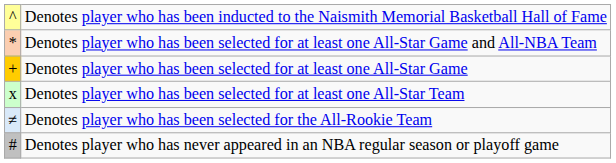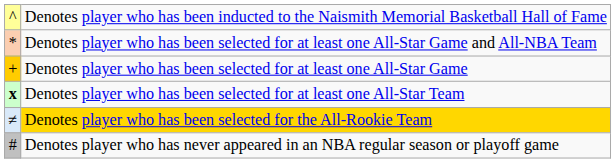 <table class="wikitable" style="font-size:100%">
 <tr>
 <td align=center bgcolor="FFFF99">^</td>
 <td>Denotes <a href='#'>player who has been inducted to the Naismith Memorial Basketball Hall of Fame</a></td>
 </tr>
 <tr>
 <td align=center bgcolor="FBCEB1">*</td>
 <td>Denotes <a href='#'>player who has been selected for at least one All-Star Game</a> and <a href='#'>All-NBA Team</a></td>
 </tr>
 <tr>
 <td align=center bgcolor="FFCC00">+</td>
 <td>Denotes <a href='#'>player who has been selected for at least one All-Star Game</a></td>
 </tr>
 <tr>
-<td align=center bgcolor="CCFFCC">x</td>
+<td align=center bgcolor="CCFFCC"><strong>x</strong></td>
 <td>Denotes <a href='#'>player who has been selected for at least one All-Star Team</a></td>
 </tr>
 <tr>
 <td align=center bgcolor="D9E9F9">≠</td>
-<td>Denotes <a href='#'>player who has been selected for the All-Rookie Team</a></td>
+<td style="background: gold;">Denotes <a href='#'>player who has been selected for the All-Rookie Team</a></td>
 </tr>
 <tr>
 <td align=center bgcolor="C0C0C0">#</td>
 <td>Denotes player who has never appeared in an NBA regular season or playoff game</td>
 </tr>
 </table>
